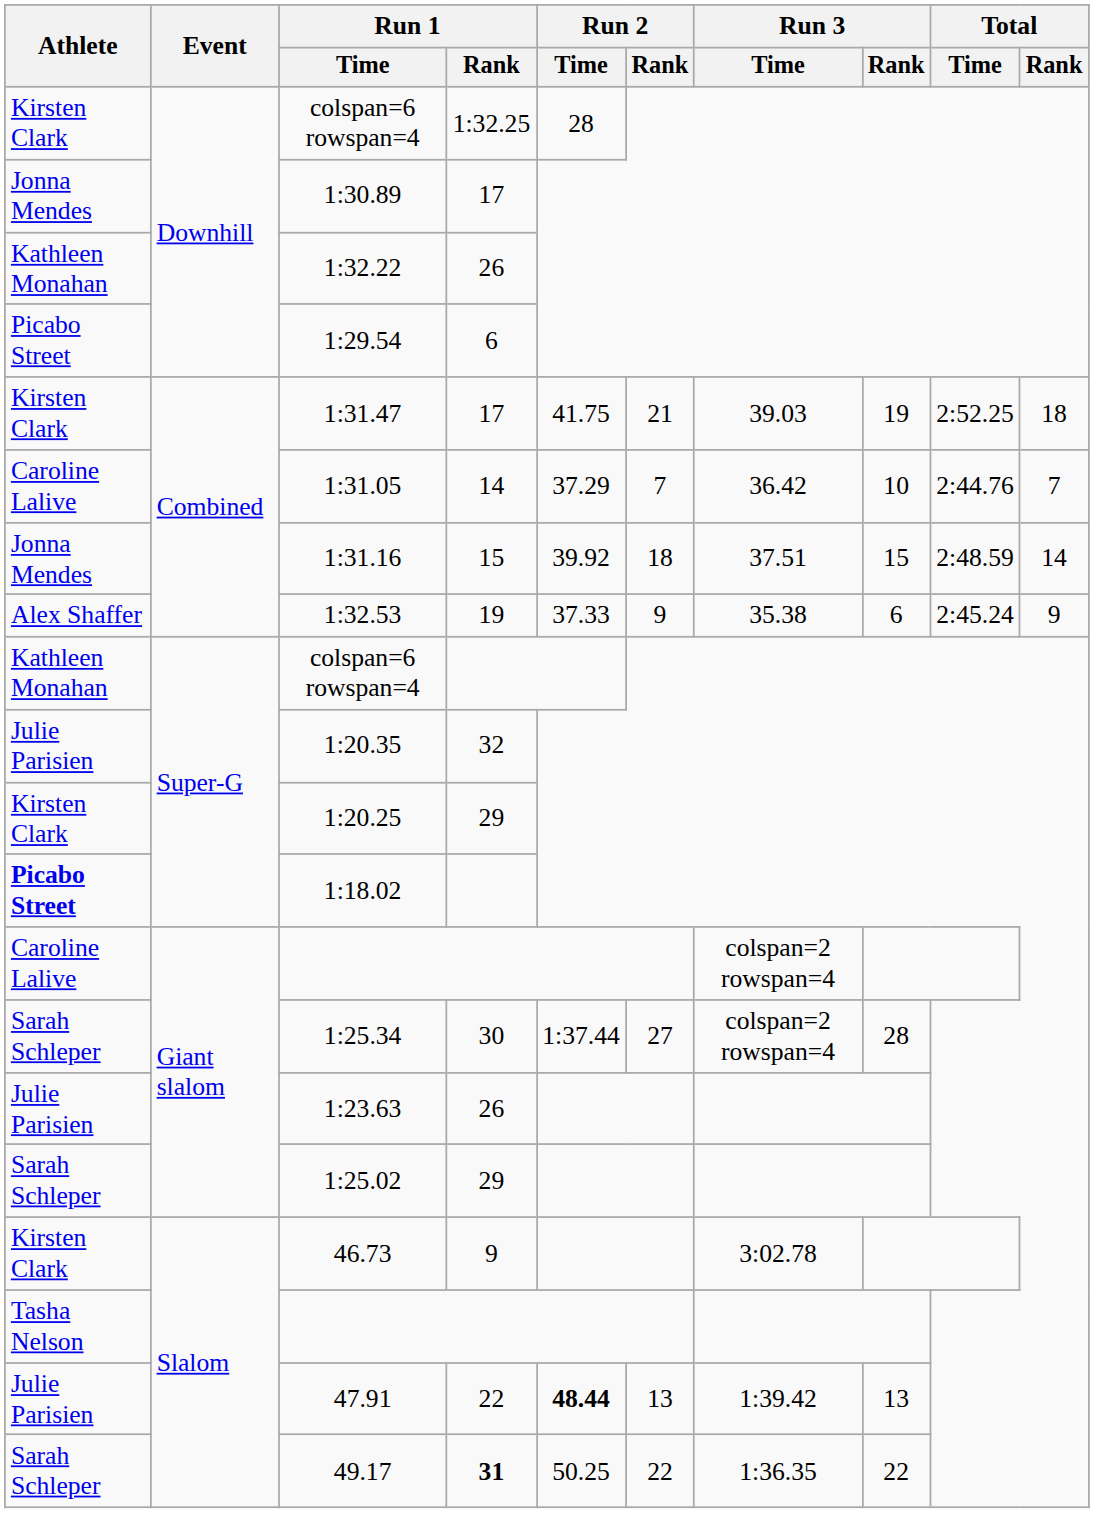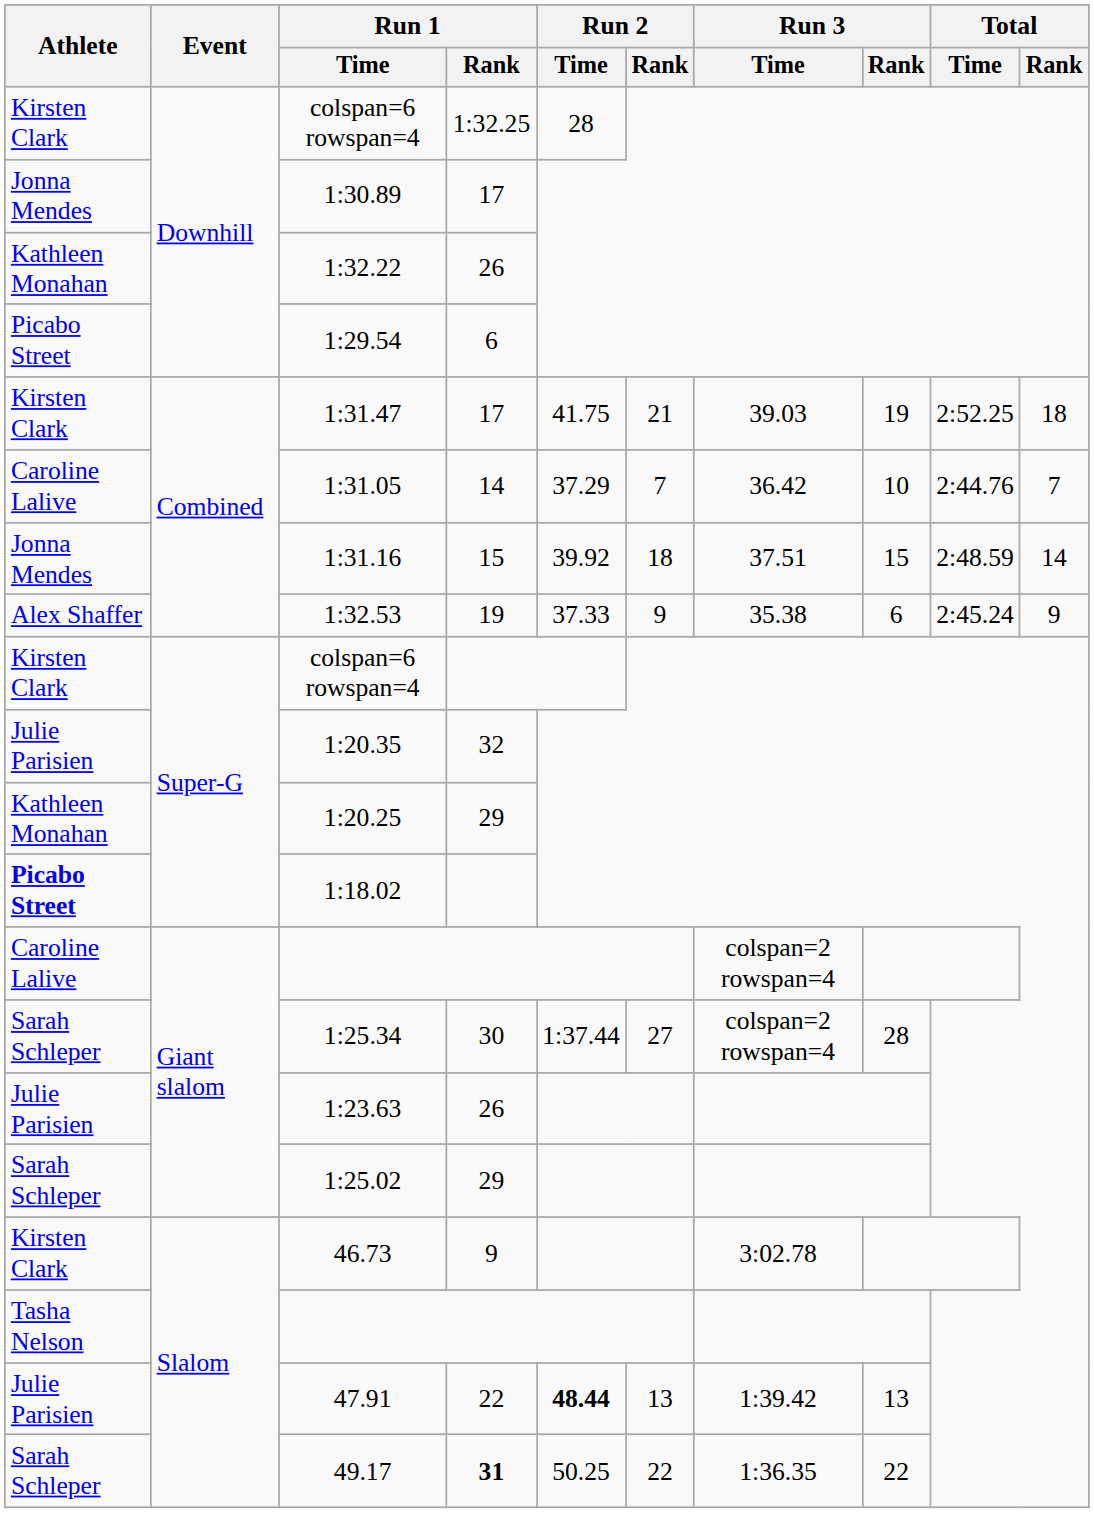 <table class=wikitable style=font-size:90%;text-align:center>
 <tr>
 <th rowspan=2>Athlete</th>
 <th rowspan=2>Event</th>
 <th colspan=2>Run 1</th>
 <th colspan=2>Run 2</th>
 <th colspan=2>Run 3</th>
 <th colspan=2>Total</th>
 </tr>
 <tr style=font-size:95%>
 <th>Time</th>
 <th>Rank</th>
 <th>Time</th>
 <th>Rank</th>
 <th>Time</th>
 <th>Rank</th>
 <th>Time</th>
 <th>Rank</th>
 </tr>
 <tr>
 <td align=left><a href='#'>Kirsten Clark</a></td>
 <td align=left rowspan=4><a href='#'>Downhill</a></td>
 <td>colspan=6 rowspan=4 </td>
 <td>1:32.25</td>
 <td>28</td>
 </tr>
 <tr>
 <td align=left><a href='#'>Jonna Mendes</a></td>
 <td>1:30.89</td>
 <td>17</td>
 </tr>
 <tr>
 <td align=left><a href='#'>Kathleen Monahan</a></td>
 <td>1:32.22</td>
 <td>26</td>
 </tr>
 <tr>
 <td align=left><a href='#'>Picabo Street</a></td>
 <td>1:29.54</td>
 <td>6</td>
 </tr>
 <tr>
 <td align=left><a href='#'>Kirsten Clark</a></td>
 <td align=left rowspan=4><a href='#'>Combined</a></td>
 <td>1:31.47</td>
 <td>17</td>
 <td>41.75</td>
 <td>21</td>
 <td>39.03</td>
 <td>19</td>
 <td>2:52.25</td>
 <td>18</td>
 </tr>
 <tr>
 <td align=left><a href='#'>Caroline Lalive</a></td>
 <td>1:31.05</td>
 <td>14</td>
 <td>37.29</td>
 <td>7</td>
 <td>36.42</td>
 <td>10</td>
 <td>2:44.76</td>
 <td>7</td>
 </tr>
 <tr>
 <td align=left><a href='#'>Jonna Mendes</a></td>
 <td>1:31.16</td>
 <td>15</td>
 <td>39.92</td>
 <td>18</td>
 <td>37.51</td>
 <td>15</td>
 <td>2:48.59</td>
 <td>14</td>
 </tr>
 <tr>
 <td align=left><a href='#'>Alex Shaffer</a></td>
 <td>1:32.53</td>
 <td>19</td>
 <td>37.33</td>
 <td>9</td>
 <td>35.38</td>
 <td>6</td>
 <td>2:45.24</td>
 <td>9</td>
 </tr>
 <tr>
-<td align=left><a href='#'>Kathleen Monahan</a></td>
+<td align=left><a href='#'>Kirsten Clark</a></td>
 <td align=left rowspan=4><a href='#'>Super-G</a></td>
 <td>colspan=6 rowspan=4 </td>
 <td colspan=2></td>
 </tr>
 <tr>
 <td align=left><a href='#'>Julie Parisien</a></td>
 <td>1:20.35</td>
 <td>32</td>
 </tr>
 <tr>
-<td align=left><a href='#'>Kirsten Clark</a></td>
+<td align=left><a href='#'>Kathleen Monahan</a></td>
 <td>1:20.25</td>
 <td>29</td>
 </tr>
 <tr>
 <td align=left><strong><a href='#'>Picabo Street</a></strong></td>
 <td>1:18.02</td>
 <td></td>
 </tr>
 <tr>
 <td align=left><a href='#'>Caroline Lalive</a></td>
 <td align=left rowspan=4><a href='#'>Giant slalom</a></td>
 <td colspan=4></td>
 <td>colspan=2 rowspan=4 </td>
 <td colspan=2></td>
 </tr>
 <tr>
 <td align=left><a href='#'>Sarah Schleper</a></td>
 <td>1:25.34</td>
 <td>30</td>
 <td>1:37.44</td>
 <td>27</td>
 <td>colspan=2 rowspan=4 </td>
 <td>28</td>
 </tr>
 <tr>
 <td align=left><a href='#'>Julie Parisien</a></td>
 <td>1:23.63</td>
 <td>26</td>
 <td colspan=2></td>
 <td colspan=2></td>
 </tr>
 <tr>
 <td align=left><a href='#'>Sarah Schleper</a></td>
 <td>1:25.02</td>
 <td>29</td>
 <td colspan=2></td>
 <td colspan=2></td>
 </tr>
 <tr>
 <td align=left><a href='#'>Kirsten Clark</a></td>
 <td align=left rowspan=4><a href='#'>Slalom</a></td>
 <td>46.73</td>
 <td>9</td>
 <td colspan=2></td>
 <td>3:02.78</td>
 <td colspan=2></td>
 </tr>
 <tr>
 <td align=left><a href='#'>Tasha Nelson</a></td>
 <td colspan=4></td>
 <td colspan=2></td>
 </tr>
 <tr>
 <td align=left><a href='#'>Julie Parisien</a></td>
 <td>47.91</td>
 <td>22</td>
 <td><strong>48.44</strong></td>
 <td>13</td>
 <td>1:39.42</td>
 <td>13</td>
 </tr>
 <tr>
 <td align=left><a href='#'>Sarah Schleper</a></td>
 <td>49.17</td>
 <td><strong>31</strong></td>
 <td>50.25</td>
 <td>22</td>
 <td>1:36.35</td>
 <td>22</td>
 </tr>
 </table>
